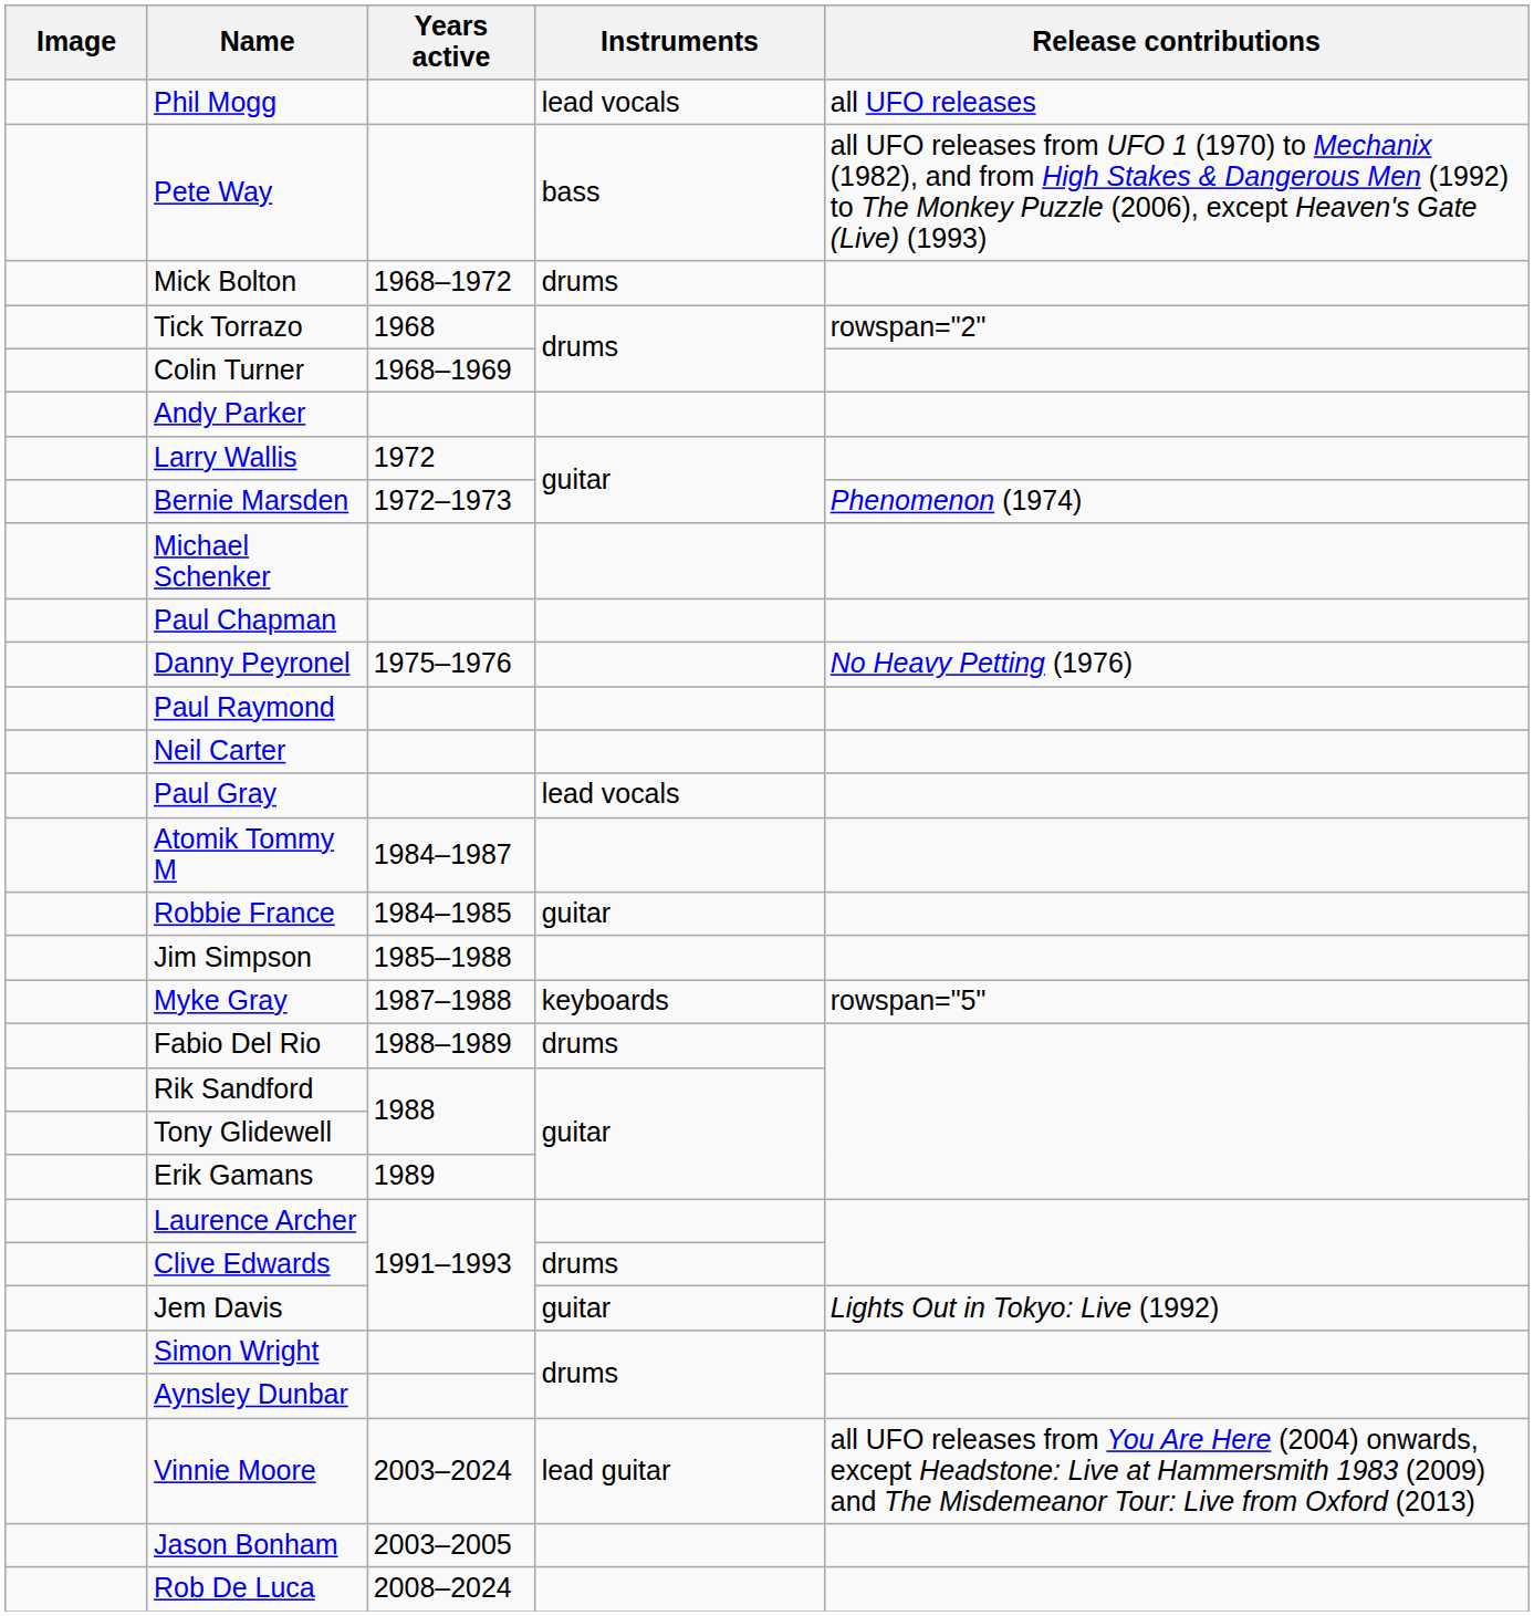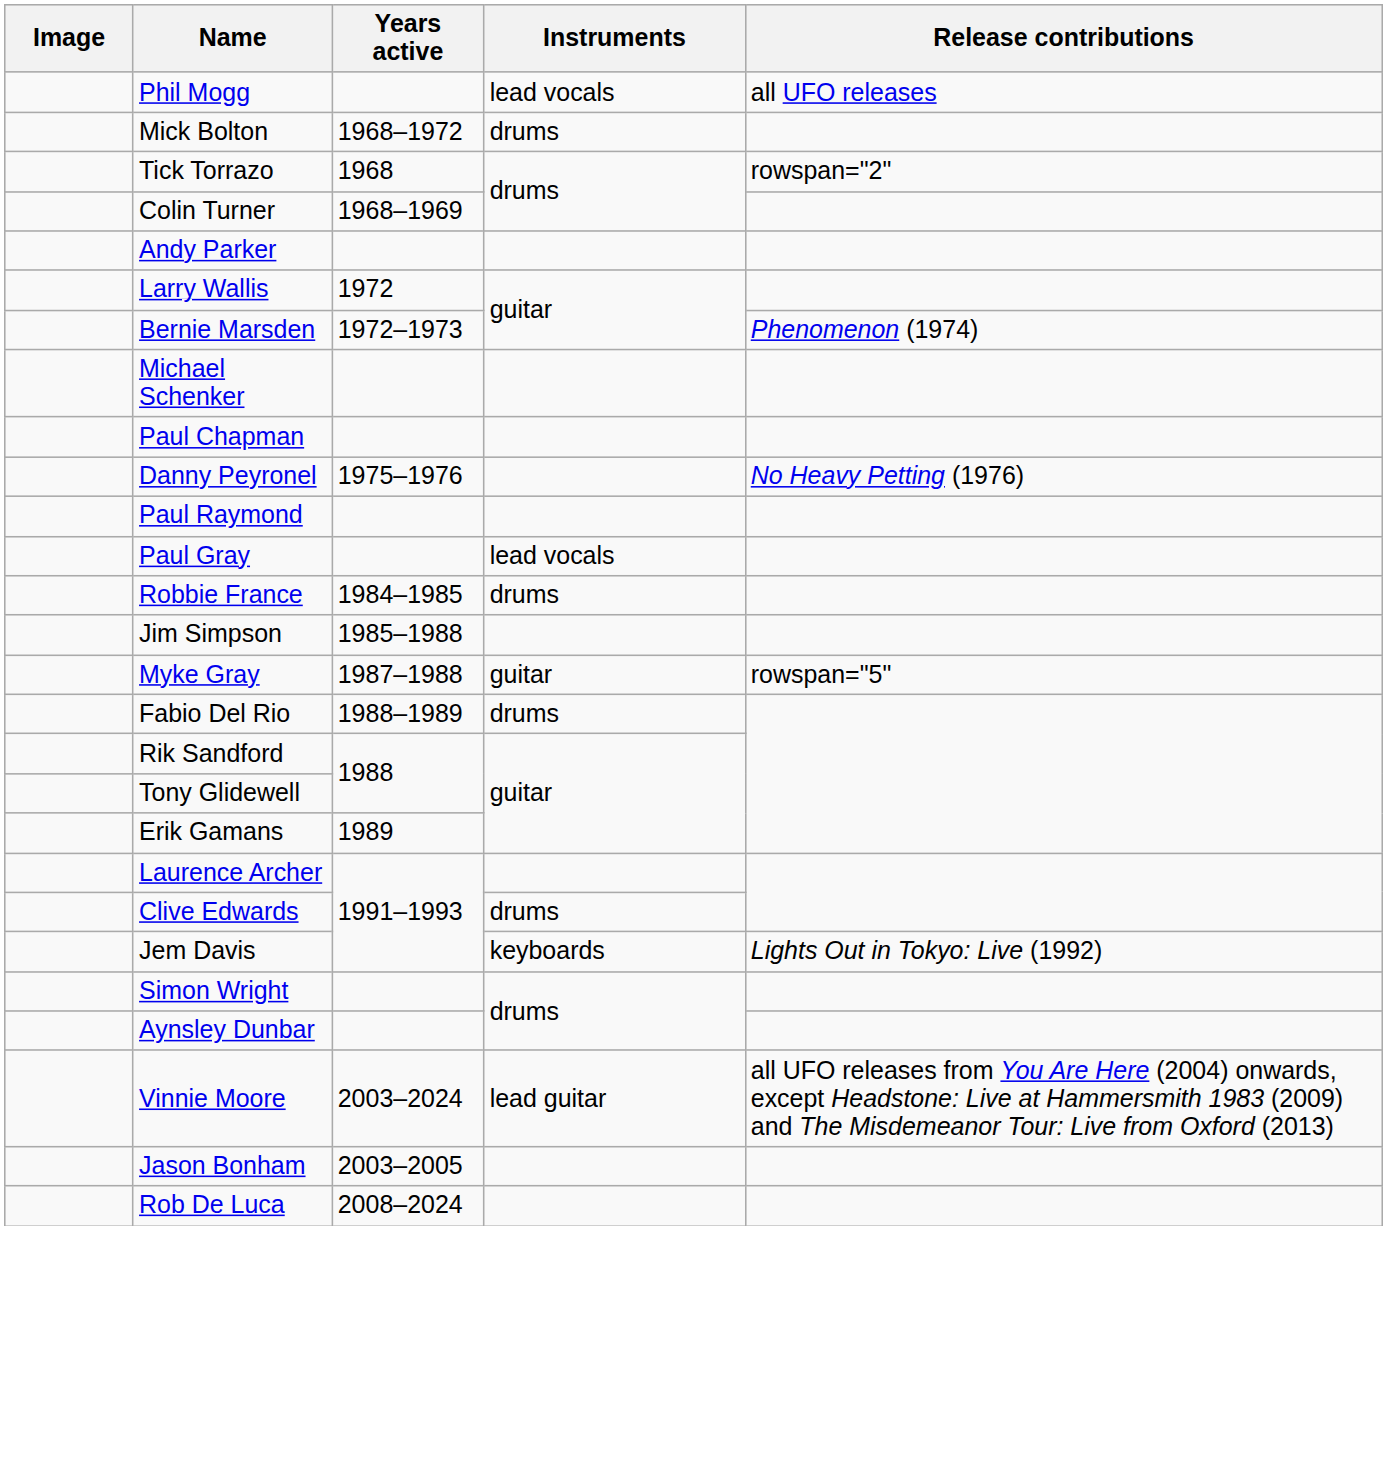 <table class="wikitable" border="1" width="100%">
 <tr>
 <th width="75">Image</th>
 <th width="120">Name</th>
 <th width="90">Years active</th>
 <th width="160">Instruments</th>
 <th>Release contributions</th>
 </tr>
 <tr>
 <td></td>
 <td><a href='#'>Phil Mogg</a></td>
 <td><br></td>
 <td>lead vocals</td>
 <td>all <a href='#'>UFO releases</a></td>
-</tr>
-<tr>
-<td></td>
-<td><a href='#'>Pete Way</a></td>
-<td><br></td>
-<td>bass</td>
-<td>all UFO releases from <em>UFO 1</em> (1970) to <em><a href='#'>Mechanix</a></em> (1982), and from <em><a href='#'>High Stakes & Dangerous Men</a></em> (1992) to <em>The Monkey Puzzle</em> (2006), except <em>Heaven's Gate (Live)</em> (1993)</td>
 </tr>
 <tr>
 <td></td>
 <td>Mick Bolton</td>
 <td>1968–1972</td>
 <td>drums</td>
 <td></td>
 </tr>
 <tr>
 <td></td>
 <td>Tick Torrazo</td>
 <td>1968</td>
 <td rowspan="2">drums</td>
 <td>rowspan="2" </td>
 </tr>
 <tr>
 <td></td>
 <td>Colin Turner</td>
 <td>1968–1969</td>
 </tr>
 <tr>
 <td></td>
 <td><a href='#'>Andy Parker</a></td>
 <td><br></td>
 <td></td>
 <td></td>
 </tr>
 <tr>
 <td></td>
 <td><a href='#'>Larry Wallis</a></td>
 <td>1972 </td>
 <td rowspan="2">guitar</td>
 <td></td>
 </tr>
 <tr>
 <td></td>
 <td><a href='#'>Bernie Marsden</a></td>
 <td>1972–1973 </td>
 <td><em><a href='#'>Phenomenon</a></em> (1974) </td>
 </tr>
 <tr>
 <td></td>
 <td><a href='#'>Michael Schenker</a></td>
 <td></td>
 <td></td>
 <td></td>
 </tr>
 <tr>
 <td></td>
 <td><a href='#'>Paul Chapman</a></td>
 <td></td>
 <td></td>
 <td></td>
 </tr>
 <tr>
 <td></td>
 <td><a href='#'>Danny Peyronel</a></td>
 <td>1975–1976</td>
 <td></td>
 <td><em><a href='#'>No Heavy Petting</a></em> (1976)</td>
 </tr>
 <tr>
 <td></td>
 <td><a href='#'>Paul Raymond</a></td>
 <td></td>
 <td></td>
 <td></td>
 </tr>
 <tr>
 <td></td>
-<td><a href='#'>Neil Carter</a></td>
-<td><br></td>
-<td></td>
-<td></td>
-</tr>
-<tr>
-<td></td>
 <td><a href='#'>Paul Gray</a></td>
 <td></td>
 <td>lead vocals</td>
 <td></td>
 </tr>
 <tr>
 <td></td>
-<td><a href='#'>Atomik Tommy M</a></td>
-<td>1984–1987</td>
-<td></td>
-<td></td>
-</tr>
-<tr>
-<td></td>
 <td><a href='#'>Robbie France</a></td>
 <td>1984–1985 </td>
-<td>guitar</td>
+<td>drums</td>
 <td></td>
 </tr>
 <tr>
 <td></td>
 <td>Jim Simpson</td>
 <td>1985–1988</td>
 <td></td>
 <td></td>
 </tr>
 <tr>
 <td></td>
 <td><a href='#'>Myke Gray</a></td>
 <td>1987–1988</td>
-<td>keyboards</td>
+<td>guitar</td>
 <td>rowspan="5" </td>
 </tr>
 <tr>
 <td></td>
 <td>Fabio Del Rio</td>
 <td>1988–1989</td>
 <td>drums</td>
 </tr>
 <tr>
 <td></td>
 <td>Rik Sandford</td>
 <td rowspan="2">1988</td>
 <td rowspan="3">guitar</td>
 </tr>
 <tr>
 <td></td>
 <td>Tony Glidewell</td>
 </tr>
 <tr>
 <td></td>
 <td>Erik Gamans</td>
 <td>1989</td>
 </tr>
 <tr>
 <td></td>
 <td><a href='#'>Laurence Archer</a></td>
 <td rowspan="3">1991–1993</td>
 <td></td>
 <td rowspan="2"></td>
 </tr>
 <tr>
 <td></td>
 <td><a href='#'>Clive Edwards</a></td>
 <td>drums</td>
 </tr>
 <tr>
 <td></td>
 <td>Jem Davis</td>
-<td>guitar</td>
+<td>keyboards</td>
 <td><em>Lights Out in Tokyo: Live</em> (1992)</td>
 </tr>
 <tr>
 <td></td>
 <td><a href='#'>Simon Wright</a></td>
 <td></td>
 <td rowspan="2">drums</td>
 <td></td>
 </tr>
 <tr>
 <td></td>
 <td><a href='#'>Aynsley Dunbar</a></td>
 <td></td>
 <td></td>
 </tr>
 <tr>
 <td></td>
 <td><a href='#'>Vinnie Moore</a></td>
 <td>2003–2024</td>
 <td>lead guitar</td>
 <td>all UFO releases from <em><a href='#'>You Are Here</a></em> (2004) onwards, except <em>Headstone: Live at Hammersmith 1983</em> (2009) and <em>The Misdemeanor Tour: Live from Oxford</em> (2013)</td>
 </tr>
 <tr>
 <td></td>
 <td><a href='#'>Jason Bonham</a></td>
 <td>2003–2005</td>
 <td></td>
 <td></td>
 </tr>
 <tr>
 <td></td>
 <td><a href='#'>Rob De Luca</a></td>
 <td>2008–2024</td>
 <td></td>
 <td></td>
 </tr>
 </table>
